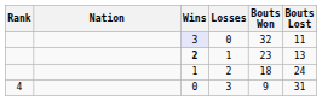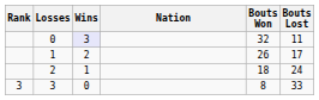 <table class="wikitable" style="text-align:center">
 <tr>
 <th width="20">Rank</th>
+<th width="20">Losses</th>
+<th width="20">Wins</th>
 <th width="190">Nation</th>
-<th width="20">Wins</th>
-<th width="20">Losses</th>
 <th width="20">Bouts Won</th>
 <th width="20">Bouts Lost</th>
 </tr>
 <tr>
 <td></td>
+<td>0</td>
+<td style="background: lavender;">3</td>
 <td align=left></td>
-<td style="background: lavender;">3</td>
-<td>0</td>
 <td>32</td>
 <td>11</td>
 </tr>
 <tr>
 <td></td>
+<td>1</td>
+<td>2</td>
 <td align=left></td>
-<td><strong>2</strong></td>
-<td>1</td>
-<td>23</td>
-<td>13</td>
+<td>26</td>
+<td>17</td>
 </tr>
 <tr>
 <td></td>
+<td>2</td>
+<td>1</td>
 <td align=left></td>
-<td>1</td>
-<td>2</td>
 <td>18</td>
 <td>24</td>
 </tr>
 <tr>
-<td>4</td>
+<td>3</td>
+<td>3</td>
+<td>0</td>
 <td align=left></td>
-<td>0</td>
-<td>3</td>
-<td>9</td>
-<td>31</td>
+<td>8</td>
+<td>33</td>
 </tr>
 </table>
